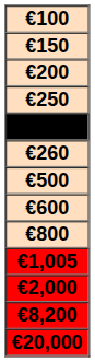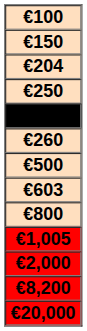 <table border=1 cellspacing=0 cellpadding =1 width=70px|->
 <tr>
 <td bgcolor="#FFDFBF" align=center><strong>€100</strong></td>
 </tr>
 <tr>
 <td bgcolor="#FFDFBF" align=center><strong>€150</strong></td>
 </tr>
 <tr>
-<td bgcolor="#FFDFBF" align=center><strong>€200</strong></td>
+<td bgcolor="#FFDFBF" align=center><strong>€204</strong></td>
 </tr>
 <tr>
 <td bgcolor="#FFDFBF" align=center><strong>€250</strong></td>
 </tr>
 <tr>
 <td bgcolor="#000000" align=center><span><strong><em>KUTIA Y</em></strong></span></td>
 </tr>
 <tr>
 <td bgcolor="#FFDFBF" align=center><strong>€260</strong></td>
 </tr>
 <tr>
 <td bgcolor="#FFDFBF" align=center><strong>€500</strong></td>
 </tr>
 <tr>
-<td bgcolor="#FFDFBF" align=center><strong>€600</strong></td>
+<td bgcolor="#FFDFBF" align=center><strong>€603</strong></td>
 </tr>
 <tr>
 <td bgcolor="#FFDFBF" align=center><strong>€800</strong></td>
 </tr>
 <tr>
 <td bgcolor="#FF0000" align=center><span><strong>€1,005</strong></span></td>
 </tr>
 <tr>
 <td bgcolor="#FF0000" align=center><span><strong>€2,000</strong></span></td>
 </tr>
 <tr>
 <td bgcolor="#FF0000" align=center><span><strong>€8,200</strong></span></td>
 </tr>
 <tr>
 <td bgcolor="#FF0000" align=center><span><strong>€20,000</strong></span></td>
 </tr>
 </table>
